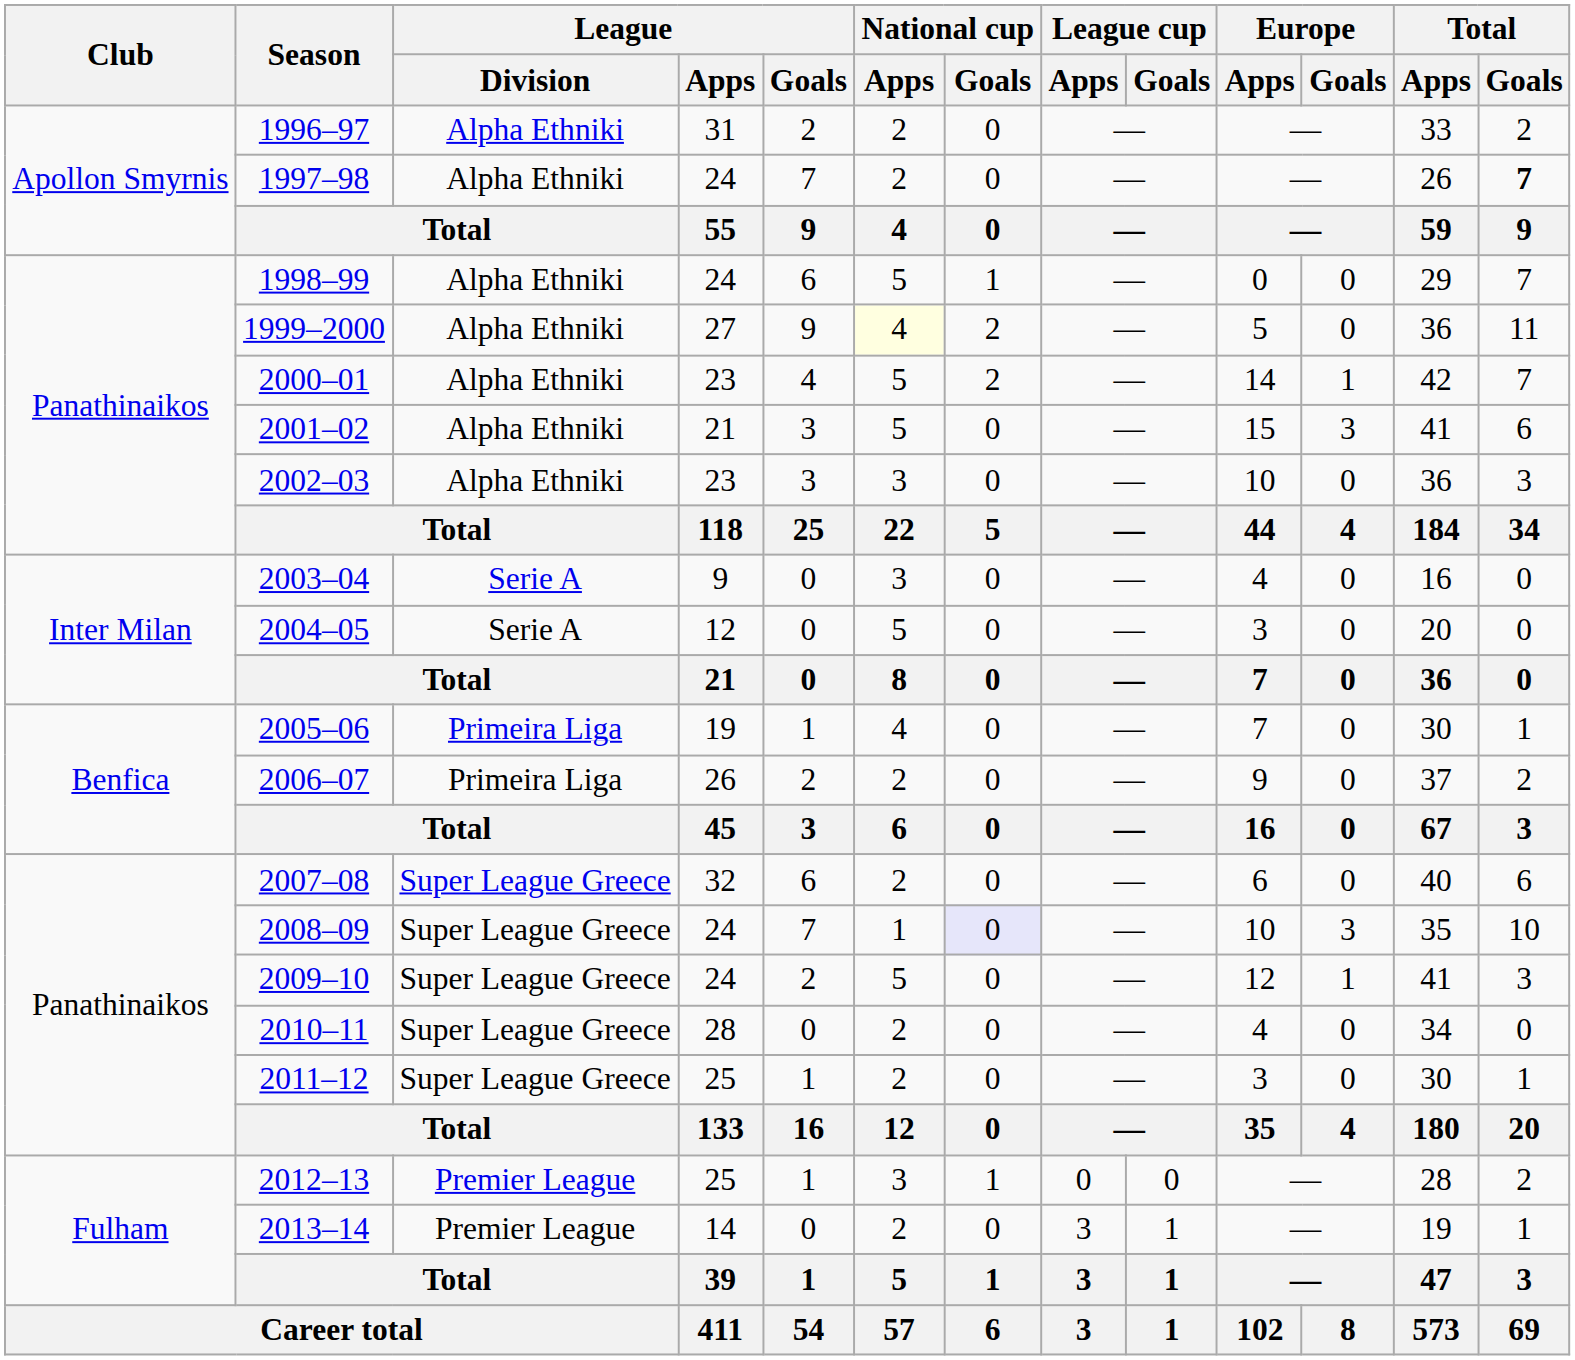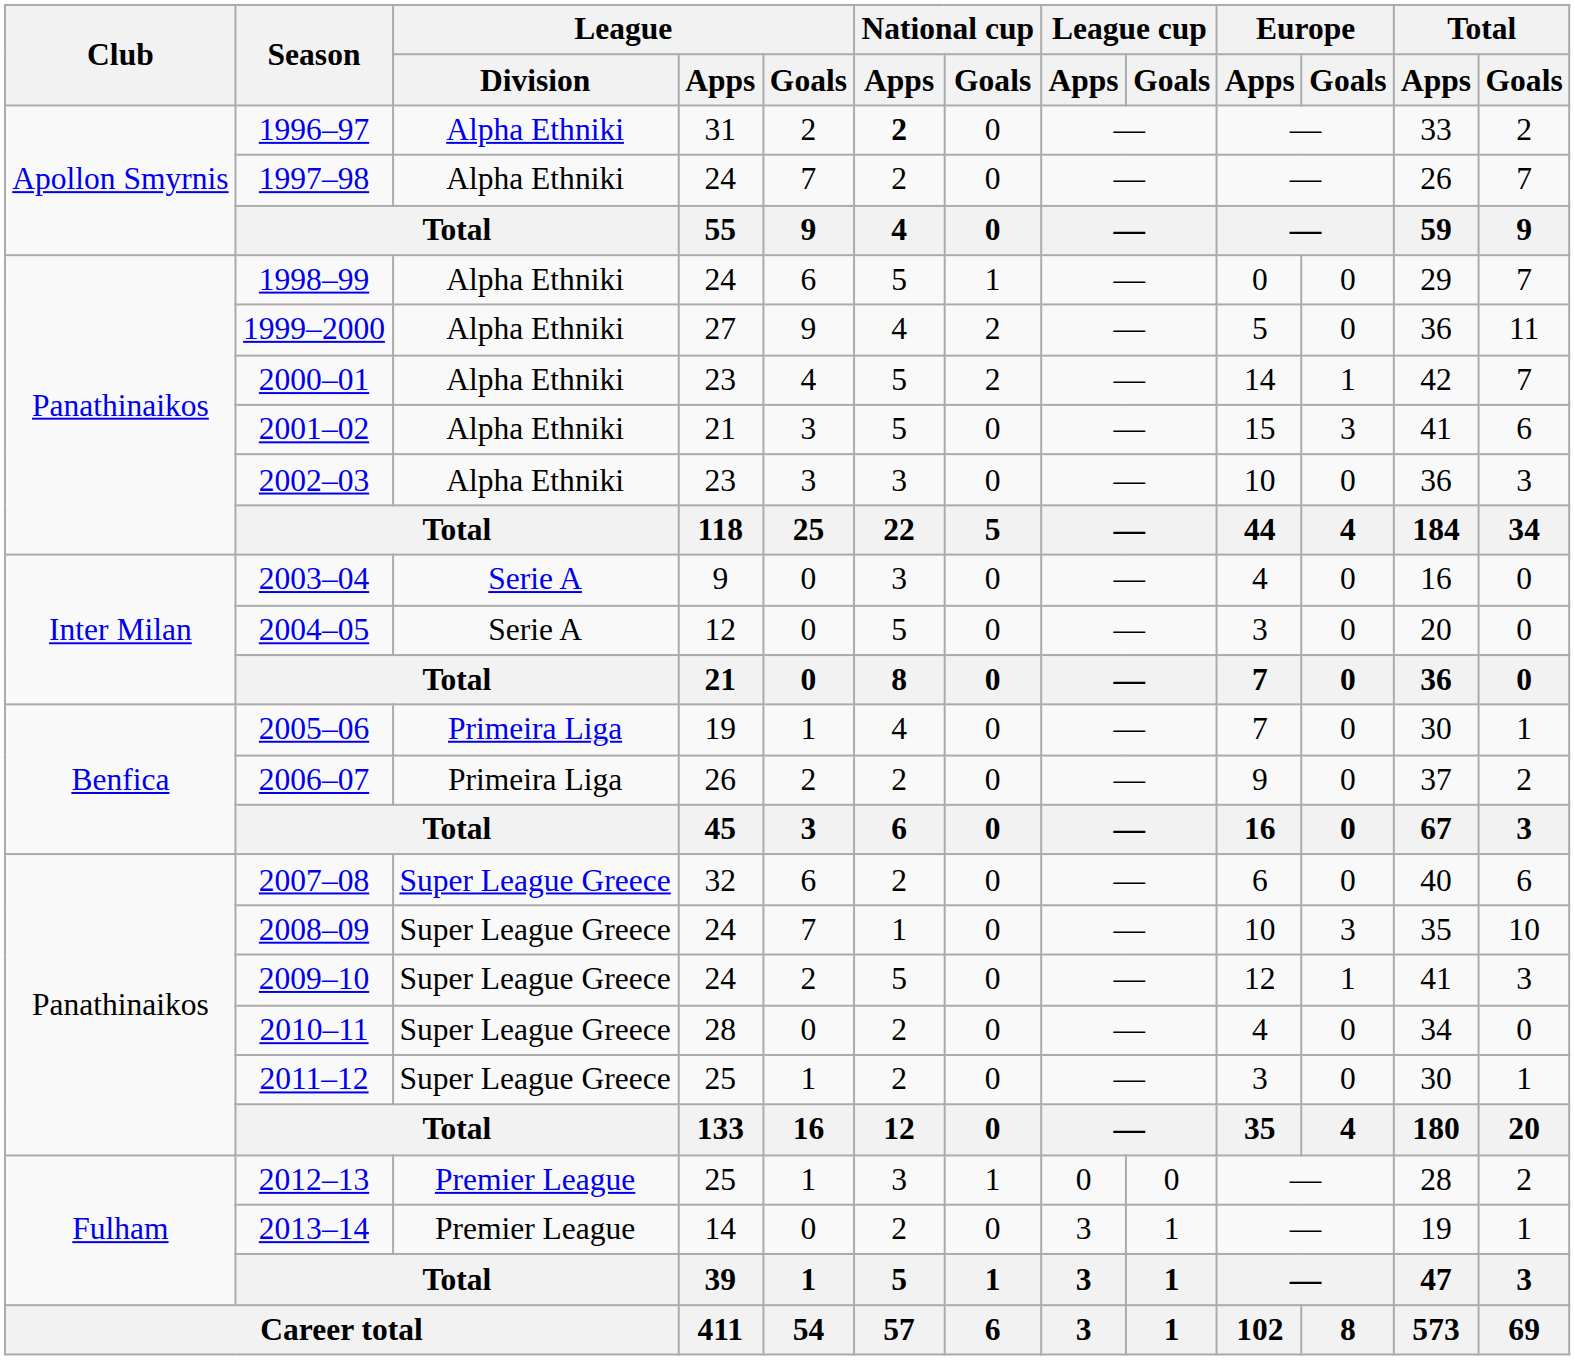 <table class="wikitable" style="text-align:center">
 <tr>
 <th rowspan="2">Club</th>
 <th rowspan="2">Season</th>
 <th colspan="3">League</th>
 <th colspan="2">National cup</th>
 <th colspan="2">League cup</th>
 <th colspan="2">Europe</th>
 <th colspan="2">Total</th>
 </tr>
 <tr>
 <th>Division</th>
 <th>Apps</th>
 <th>Goals</th>
 <th>Apps</th>
 <th>Goals</th>
 <th>Apps</th>
 <th>Goals</th>
 <th>Apps</th>
 <th>Goals</th>
 <th>Apps</th>
 <th>Goals</th>
 </tr>
 <tr>
 <td rowspan="3"><a href='#'>Apollon Smyrnis</a></td>
 <td><a href='#'>1996–97</a></td>
 <td><a href='#'>Alpha Ethniki</a></td>
 <td>31</td>
 <td>2</td>
-<td>2</td>
+<td><strong>2</strong></td>
 <td>0</td>
 <td colspan="2">—</td>
 <td colspan="2">—</td>
 <td>33</td>
 <td>2</td>
 </tr>
 <tr>
 <td><a href='#'>1997–98</a></td>
 <td>Alpha Ethniki</td>
 <td>24</td>
 <td>7</td>
 <td>2</td>
 <td>0</td>
 <td colspan="2">—</td>
 <td colspan="2">—</td>
 <td>26</td>
-<td><strong>7</strong></td>
+<td>7</td>
 </tr>
 <tr>
 <th colspan="2">Total</th>
 <th>55</th>
 <th>9</th>
 <th>4</th>
 <th>0</th>
 <th colspan="2">—</th>
 <th colspan="2">—</th>
 <th>59</th>
 <th>9</th>
 </tr>
 <tr>
 <td rowspan="6"><a href='#'>Panathinaikos</a></td>
 <td><a href='#'>1998–99</a></td>
 <td>Alpha Ethniki</td>
 <td>24</td>
 <td>6</td>
 <td>5</td>
 <td>1</td>
 <td colspan="2">—</td>
 <td>0</td>
 <td>0</td>
 <td>29</td>
 <td>7</td>
 </tr>
 <tr>
 <td><a href='#'>1999–2000</a></td>
 <td>Alpha Ethniki</td>
 <td>27</td>
 <td>9</td>
-<td style="background: lightyellow;">4</td>
+<td>4</td>
 <td>2</td>
 <td colspan="2">—</td>
 <td>5</td>
 <td>0</td>
 <td>36</td>
 <td>11</td>
 </tr>
 <tr>
 <td><a href='#'>2000–01</a></td>
 <td>Alpha Ethniki</td>
 <td>23</td>
 <td>4</td>
 <td>5</td>
 <td>2</td>
 <td colspan="2">—</td>
 <td>14</td>
 <td>1</td>
 <td>42</td>
 <td>7</td>
 </tr>
 <tr>
 <td><a href='#'>2001–02</a></td>
 <td>Alpha Ethniki</td>
 <td>21</td>
 <td>3</td>
 <td>5</td>
 <td>0</td>
 <td colspan="2">—</td>
 <td>15</td>
 <td>3</td>
 <td>41</td>
 <td>6</td>
 </tr>
 <tr>
 <td><a href='#'>2002–03</a></td>
 <td>Alpha Ethniki</td>
 <td>23</td>
 <td>3</td>
 <td>3</td>
 <td>0</td>
 <td colspan="2">—</td>
 <td>10</td>
 <td>0</td>
 <td>36</td>
 <td>3</td>
 </tr>
 <tr>
 <th colspan="2">Total</th>
 <th>118</th>
 <th>25</th>
 <th>22</th>
 <th>5</th>
 <th colspan="2">—</th>
 <th>44</th>
 <th>4</th>
 <th>184</th>
 <th>34</th>
 </tr>
 <tr>
 <td rowspan="3"><a href='#'>Inter Milan</a></td>
 <td><a href='#'>2003–04</a></td>
 <td><a href='#'>Serie A</a></td>
 <td>9</td>
 <td>0</td>
 <td>3</td>
 <td>0</td>
 <td colspan="2">—</td>
 <td>4</td>
 <td>0</td>
 <td>16</td>
 <td>0</td>
 </tr>
 <tr>
 <td><a href='#'>2004–05</a></td>
 <td>Serie A</td>
 <td>12</td>
 <td>0</td>
 <td>5</td>
 <td>0</td>
 <td colspan="2">—</td>
 <td>3</td>
 <td>0</td>
 <td>20</td>
 <td>0</td>
 </tr>
 <tr>
 <th colspan="2">Total</th>
 <th>21</th>
 <th>0</th>
 <th>8</th>
 <th>0</th>
 <th colspan="2">—</th>
 <th>7</th>
 <th>0</th>
 <th>36</th>
 <th>0</th>
 </tr>
 <tr>
 <td rowspan="3"><a href='#'>Benfica</a></td>
 <td><a href='#'>2005–06</a></td>
 <td><a href='#'>Primeira Liga</a></td>
 <td>19</td>
 <td>1</td>
 <td>4</td>
 <td>0</td>
 <td colspan="2">—</td>
 <td>7</td>
 <td>0</td>
 <td>30</td>
 <td>1</td>
 </tr>
 <tr>
 <td><a href='#'>2006–07</a></td>
 <td>Primeira Liga</td>
 <td>26</td>
 <td>2</td>
 <td>2</td>
 <td>0</td>
 <td colspan="2">—</td>
 <td>9</td>
 <td>0</td>
 <td>37</td>
 <td>2</td>
 </tr>
 <tr>
 <th colspan="2">Total</th>
 <th>45</th>
 <th>3</th>
 <th>6</th>
 <th>0</th>
 <th colspan="2">—</th>
 <th>16</th>
 <th>0</th>
 <th>67</th>
 <th>3</th>
 </tr>
 <tr>
 <td rowspan="6">Panathinaikos</td>
 <td><a href='#'>2007–08</a></td>
 <td><a href='#'>Super League Greece</a></td>
 <td>32</td>
 <td>6</td>
 <td>2</td>
 <td>0</td>
 <td colspan="2">—</td>
 <td>6</td>
 <td>0</td>
 <td>40</td>
 <td>6</td>
 </tr>
 <tr>
 <td><a href='#'>2008–09</a></td>
 <td>Super League Greece</td>
 <td>24</td>
 <td>7</td>
 <td>1</td>
-<td style="background: lavender;">0</td>
+<td>0</td>
 <td colspan="2">—</td>
 <td>10</td>
 <td>3</td>
 <td>35</td>
 <td>10</td>
 </tr>
 <tr>
 <td><a href='#'>2009–10</a></td>
 <td>Super League Greece</td>
 <td>24</td>
 <td>2</td>
 <td>5</td>
 <td>0</td>
 <td colspan="2">—</td>
 <td>12</td>
 <td>1</td>
 <td>41</td>
 <td>3</td>
 </tr>
 <tr>
 <td><a href='#'>2010–11</a></td>
 <td>Super League Greece</td>
 <td>28</td>
 <td>0</td>
 <td>2</td>
 <td>0</td>
 <td colspan="2">—</td>
 <td>4</td>
 <td>0</td>
 <td>34</td>
 <td>0</td>
 </tr>
 <tr>
 <td><a href='#'>2011–12</a></td>
 <td>Super League Greece</td>
 <td>25</td>
 <td>1</td>
 <td>2</td>
 <td>0</td>
 <td colspan="2">—</td>
 <td>3</td>
 <td>0</td>
 <td>30</td>
 <td>1</td>
 </tr>
 <tr>
 <th colspan="2">Total</th>
 <th>133</th>
 <th>16</th>
 <th>12</th>
 <th>0</th>
 <th colspan="2">—</th>
 <th>35</th>
 <th>4</th>
 <th>180</th>
 <th>20</th>
 </tr>
 <tr>
 <td rowspan="3"><a href='#'>Fulham</a></td>
 <td><a href='#'>2012–13</a></td>
 <td><a href='#'>Premier League</a></td>
 <td>25</td>
 <td>1</td>
 <td>3</td>
 <td>1</td>
 <td>0</td>
 <td>0</td>
 <td colspan="2">—</td>
 <td>28</td>
 <td>2</td>
 </tr>
 <tr>
 <td><a href='#'>2013–14</a></td>
 <td>Premier League</td>
 <td>14</td>
 <td>0</td>
 <td>2</td>
 <td>0</td>
 <td>3</td>
 <td>1</td>
 <td colspan="2">—</td>
 <td>19</td>
 <td>1</td>
 </tr>
 <tr>
 <th colspan="2">Total</th>
 <th>39</th>
 <th>1</th>
 <th>5</th>
 <th>1</th>
 <th>3</th>
 <th>1</th>
 <th colspan="2">—</th>
 <th>47</th>
 <th>3</th>
 </tr>
 <tr>
 <th colspan="3">Career total</th>
 <th>411</th>
 <th>54</th>
 <th>57</th>
 <th>6</th>
 <th>3</th>
 <th>1</th>
 <th>102</th>
 <th>8</th>
 <th>573</th>
 <th>69</th>
 </tr>
 </table>
